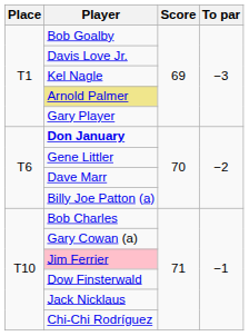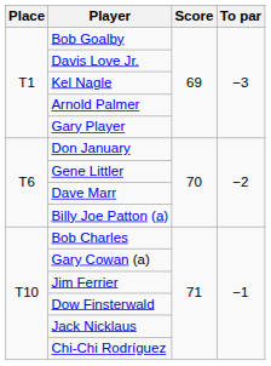 <table class="wikitable">
 <tr>
 <th>Place</th>
 <th>Player</th>
 <th>Score</th>
 <th>To par</th>
 </tr>
 <tr>
 <td rowspan="5" align="center">T1</td>
 <td> <a href='#'>Bob Goalby</a></td>
 <td rowspan="5" align="center">69</td>
 <td rowspan="5" align="center">−3</td>
 </tr>
 <tr>
 <td> <a href='#'>Davis Love Jr.</a></td>
 </tr>
 <tr>
 <td> <a href='#'>Kel Nagle</a></td>
 </tr>
 <tr>
-<td style="background: khaki;"> <a href='#'>Arnold Palmer</a></td>
+<td> <a href='#'>Arnold Palmer</a></td>
 </tr>
 <tr>
 <td> <a href='#'>Gary Player</a></td>
 </tr>
 <tr>
 <td rowspan="4" align="center">T6</td>
-<td><strong> <a href='#'>Don January</a></strong></td>
+<td> <a href='#'>Don January</a></td>
 <td rowspan="4" align="center">70</td>
 <td rowspan="4" align="center">−2</td>
 </tr>
 <tr>
 <td> <a href='#'>Gene Littler</a></td>
 </tr>
 <tr>
 <td> <a href='#'>Dave Marr</a></td>
 </tr>
 <tr>
 <td> <a href='#'>Billy Joe Patton</a> <a href='#'>(a)</a></td>
 </tr>
 <tr>
 <td rowspan="6" align="center">T10</td>
 <td> <a href='#'>Bob Charles</a></td>
 <td rowspan="6" align="center">71</td>
 <td rowspan="6" align="center">−1</td>
 </tr>
 <tr>
 <td> <a href='#'>Gary Cowan</a> (a)</td>
 </tr>
 <tr>
-<td style="background: pink;"> <a href='#'>Jim Ferrier</a></td>
+<td> <a href='#'>Jim Ferrier</a></td>
 </tr>
 <tr>
 <td> <a href='#'>Dow Finsterwald</a></td>
 </tr>
 <tr>
 <td> <a href='#'>Jack Nicklaus</a></td>
 </tr>
 <tr>
 <td> <a href='#'>Chi-Chi Rodríguez</a></td>
 </tr>
 </table>
